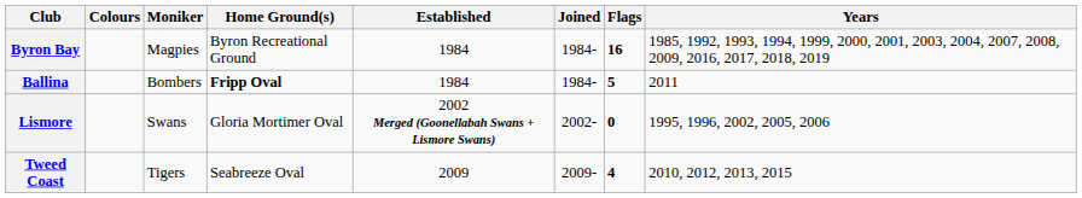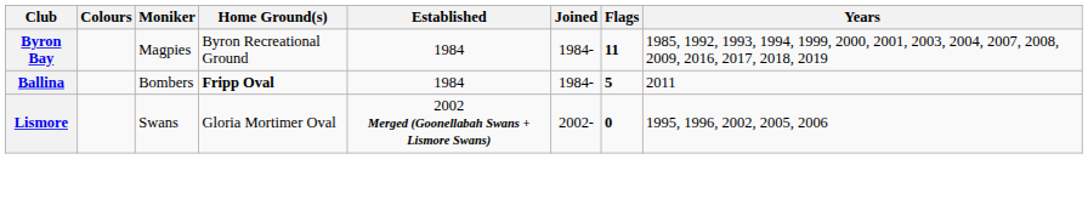 <table class="wikitable sortable" style="width:90%; text-align:left">
 <tr>
 <th>Club</th>
 <th>Colours</th>
 <th>Moniker</th>
 <th>Home Ground(s)</th>
 <th>Established</th>
 <th>Joined</th>
 <th>Flags</th>
 <th>Years</th>
 </tr>
 <tr>
 <th><strong><a href='#'>Byron Bay</a></strong></th>
 <td></td>
 <td>Magpies</td>
 <td>Byron Recreational Ground</td>
 <td style="text-align:center;">1984</td>
 <td style="text-align:center;">1984-</td>
-<td><strong>16</strong></td>
+<td><strong>11</strong></td>
 <td>1985, 1992, 1993, 1994, 1999, 2000, 2001, 2003, 2004, 2007, 2008, 2009, 2016, 2017, 2018, 2019</td>
 </tr>
 <tr>
 <th><strong><a href='#'>Ballina</a></strong></th>
 <td></td>
 <td>Bombers</td>
 <td><strong>Fripp Oval</strong></td>
 <td style="text-align:center;">1984</td>
 <td style="text-align:center;">1984-</td>
 <td><strong>5</strong></td>
 <td>2011</td>
 </tr>
 <tr>
 <th><strong><a href='#'>Lismore</a></strong></th>
 <td></td>
 <td>Swans</td>
 <td>Gloria Mortimer Oval</td>
 <td style="text-align:center;">2002<br><small><strong><em>Merged (Goonellabah Swans + Lismore Swans)</em></strong></small></td>
 <td style="text-align:center;">2002-</td>
 <td><strong>0</strong></td>
 <td>1995, 1996, 2002, 2005, 2006</td>
 </tr>
-<tr>
-<th><strong><a href='#'>Tweed Coast</a></strong></th>
-<td></td>
-<td>Tigers</td>
-<td>Seabreeze Oval</td>
-<td style="text-align:center;">2009</td>
-<td style="text-align:center;">2009-</td>
-<td><strong>4</strong></td>
-<td>2010, 2012, 2013, 2015</td>
-</tr>
 </table>
